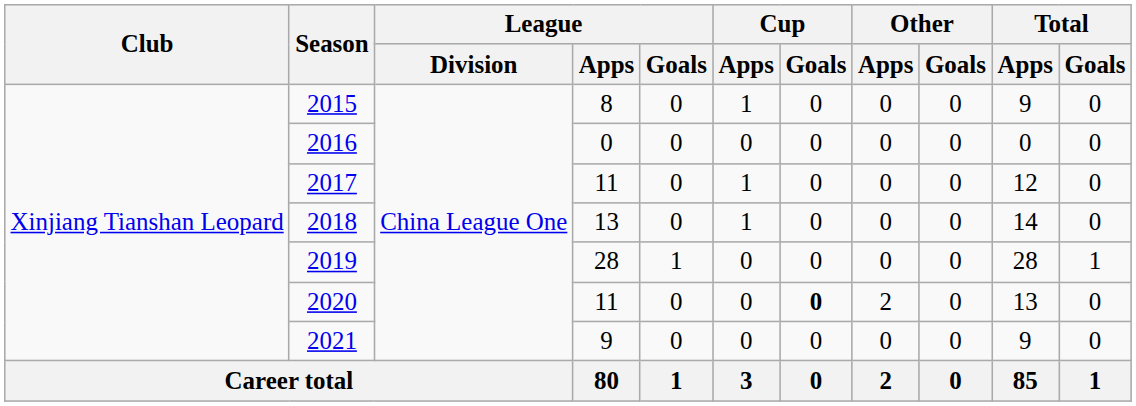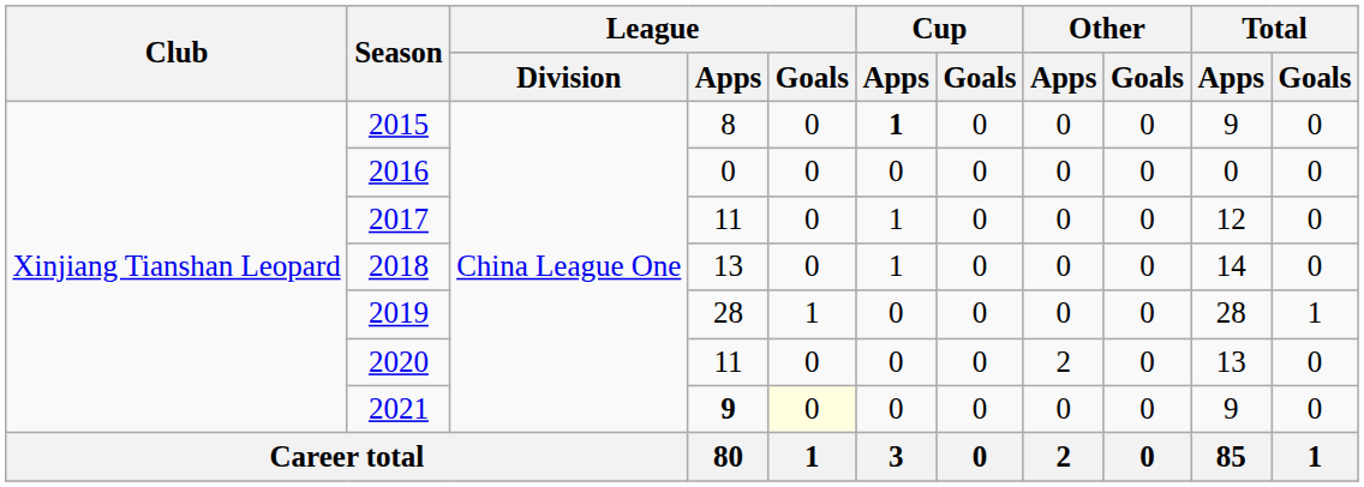 <table class="wikitable" style="text-align: center">
 <tr>
 <th rowspan="2">Club</th>
 <th rowspan="2">Season</th>
 <th colspan="3">League</th>
 <th colspan="2">Cup</th>
 <th colspan="2">Other</th>
 <th colspan="2">Total</th>
 </tr>
 <tr>
 <th>Division</th>
 <th>Apps</th>
 <th>Goals</th>
 <th>Apps</th>
 <th>Goals</th>
 <th>Apps</th>
 <th>Goals</th>
 <th>Apps</th>
 <th>Goals</th>
 </tr>
 <tr>
 <td rowspan="7"><a href='#'>Xinjiang Tianshan Leopard</a></td>
 <td><a href='#'>2015</a></td>
 <td rowspan="7"><a href='#'>China League One</a></td>
 <td>8</td>
 <td>0</td>
-<td>1</td>
+<td><strong>1</strong></td>
 <td>0</td>
 <td>0</td>
 <td>0</td>
 <td>9</td>
 <td>0</td>
 </tr>
 <tr>
 <td><a href='#'>2016</a></td>
 <td>0</td>
 <td>0</td>
 <td>0</td>
 <td>0</td>
 <td>0</td>
 <td>0</td>
 <td>0</td>
 <td>0</td>
 </tr>
 <tr>
 <td><a href='#'>2017</a></td>
 <td>11</td>
 <td>0</td>
 <td>1</td>
 <td>0</td>
 <td>0</td>
 <td>0</td>
 <td>12</td>
 <td>0</td>
 </tr>
 <tr>
 <td><a href='#'>2018</a></td>
 <td>13</td>
 <td>0</td>
 <td>1</td>
 <td>0</td>
 <td>0</td>
 <td>0</td>
 <td>14</td>
 <td>0</td>
 </tr>
 <tr>
 <td><a href='#'>2019</a></td>
 <td>28</td>
 <td>1</td>
 <td>0</td>
 <td>0</td>
 <td>0</td>
 <td>0</td>
 <td>28</td>
 <td>1</td>
 </tr>
 <tr>
 <td><a href='#'>2020</a></td>
 <td>11</td>
 <td>0</td>
 <td>0</td>
-<td><strong>0</strong></td>
+<td>0</td>
 <td>2</td>
 <td>0</td>
 <td>13</td>
 <td>0</td>
 </tr>
 <tr>
 <td><a href='#'>2021</a></td>
-<td>9</td>
-<td>0</td>
+<td><strong>9</strong></td>
+<td style="background: lightyellow;">0</td>
 <td>0</td>
 <td>0</td>
 <td>0</td>
 <td>0</td>
 <td>9</td>
 <td>0</td>
 </tr>
 <tr>
 <th colspan=3>Career total</th>
 <th>80</th>
 <th>1</th>
 <th>3</th>
 <th>0</th>
 <th>2</th>
 <th>0</th>
 <th>85</th>
 <th>1</th>
 </tr>
 </table>
